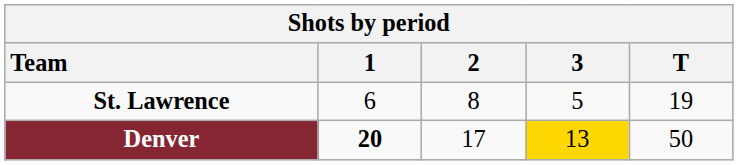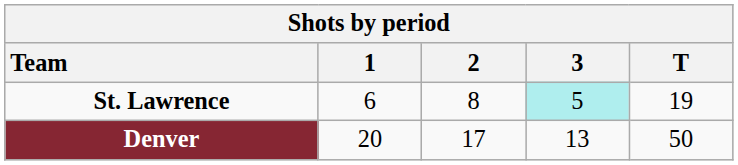 <table class="wikitable" style="width:30em; text-align:right;">
 <tr>
 <th colspan=6>Shots by period</th>
 </tr>
 <tr>
 <th style="width:10em; text-align:left;">Team</th>
 <th style="width:3em;">1</th>
 <th style="width:3em;">2</th>
 <th style="width:3em;">3</th>
 <th style="width:3em;">T</th>
 </tr>
 <tr>
 <td align=center><strong>St. Lawrence</strong></td>
 <td align=center>6</td>
 <td align=center>8</td>
-<td align=center>5</td>
+<td align=center style="background: paleturquoise;">5</td>
 <td align=center>19</td>
 </tr>
 <tr>
 <td align=center style="color:white; background:#862633; "><strong>Denver</strong></td>
-<td align=center><strong>20</strong></td>
+<td align=center>20</td>
 <td align=center>17</td>
-<td align=center style="background: gold;">13</td>
+<td align=center>13</td>
 <td align=center>50</td>
 </tr>
 </table>
